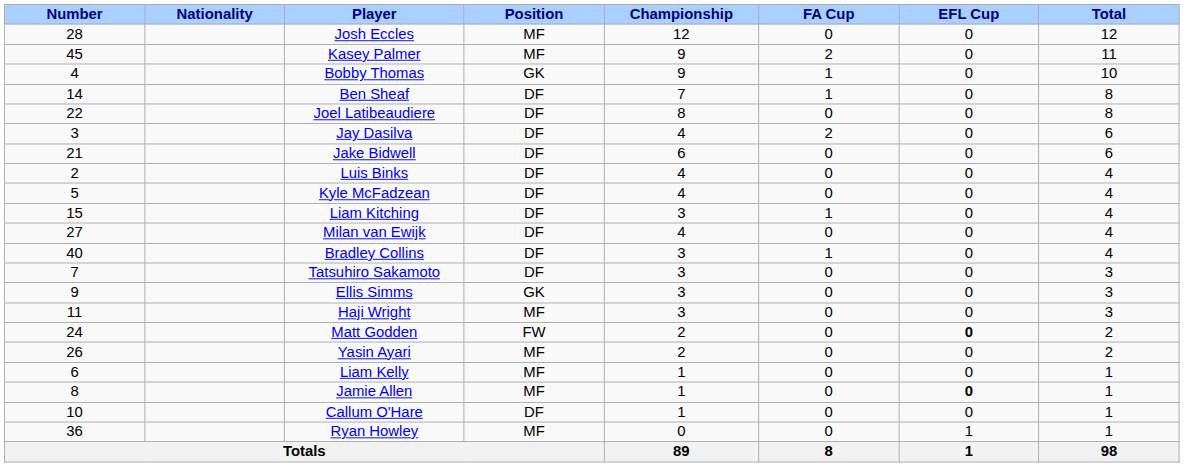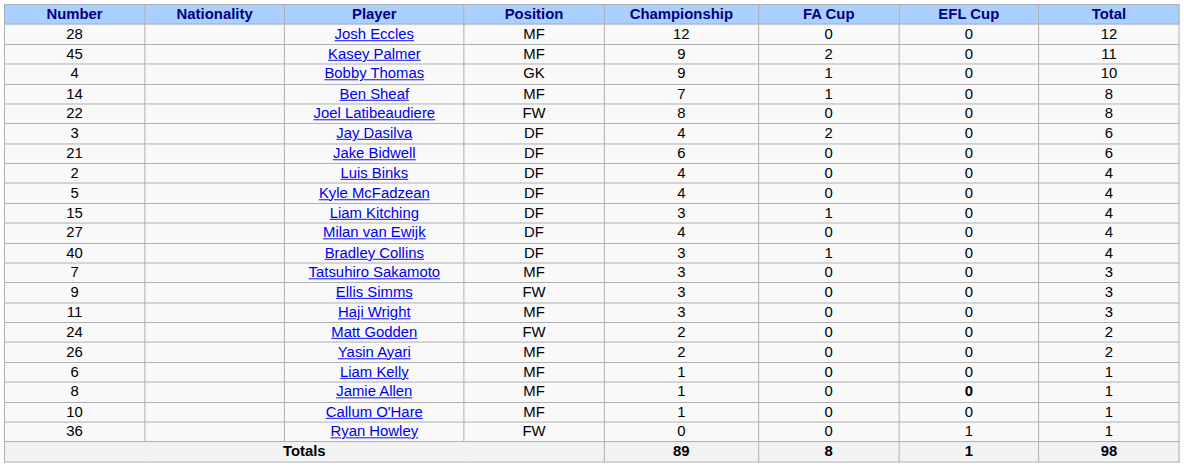 <table class="wikitable sortable alternance" style="font-size:100%; text-align:center; line-height:14px; width:100%;">
 <tr>
 <th style="background:#AAD0FF; color:#000080; width:100px;">Number</th>
 <th style="background:#AAD0FF; color:#000080; width:100px;">Nationality</th>
 <th style="background:#AAD0FF; color:#000080; width:130px;">Player</th>
 <th style="background:#AAD0FF; color:#000080; width:100px;">Position</th>
 <th style="background:#AAD0FF; color:#000080; width:100px;">Championship</th>
 <th style="background:#AAD0FF; color:#000080; width:100px;">FA Cup</th>
 <th style="background:#AAD0FF; color:#000080; width:100px;">EFL Cup</th>
 <th style="background:#AAD0FF; color:#000080; width:100px;">Total</th>
 </tr>
 <tr>
 <td>28</td>
 <td></td>
 <td><a href='#'>Josh Eccles</a></td>
 <td>MF</td>
 <td>12</td>
 <td>0</td>
 <td>0</td>
 <td>12</td>
 </tr>
 <tr>
 <td>45</td>
 <td></td>
 <td><a href='#'>Kasey Palmer</a></td>
 <td>MF</td>
 <td>9</td>
 <td>2</td>
 <td>0</td>
 <td>11</td>
 </tr>
 <tr>
 <td>4</td>
 <td></td>
 <td><a href='#'>Bobby Thomas</a></td>
 <td>GK</td>
 <td>9</td>
 <td>1</td>
 <td>0</td>
 <td>10</td>
 </tr>
 <tr>
 <td>14</td>
 <td></td>
 <td><a href='#'>Ben Sheaf</a></td>
-<td>DF</td>
+<td>MF</td>
 <td>7</td>
 <td>1</td>
 <td>0</td>
 <td>8</td>
 </tr>
 <tr>
 <td>22</td>
 <td></td>
 <td><a href='#'>Joel Latibeaudiere</a></td>
-<td>DF</td>
+<td>FW</td>
 <td>8</td>
 <td>0</td>
 <td>0</td>
 <td>8</td>
 </tr>
 <tr>
 <td>3</td>
 <td></td>
 <td><a href='#'>Jay Dasilva</a></td>
 <td>DF</td>
 <td>4</td>
 <td>2</td>
 <td>0</td>
 <td>6</td>
 </tr>
 <tr>
 <td>21</td>
 <td></td>
 <td><a href='#'>Jake Bidwell</a></td>
 <td>DF</td>
 <td>6</td>
 <td>0</td>
 <td>0</td>
 <td>6</td>
 </tr>
 <tr>
 <td>2</td>
 <td></td>
 <td><a href='#'>Luis Binks</a></td>
 <td>DF</td>
 <td>4</td>
 <td>0</td>
 <td>0</td>
 <td>4</td>
 </tr>
 <tr>
 <td>5</td>
 <td></td>
 <td><a href='#'>Kyle McFadzean</a></td>
 <td>DF</td>
 <td>4</td>
 <td>0</td>
 <td>0</td>
 <td>4</td>
 </tr>
 <tr>
 <td>15</td>
 <td></td>
 <td><a href='#'>Liam Kitching</a></td>
 <td>DF</td>
 <td>3</td>
 <td>1</td>
 <td>0</td>
 <td>4</td>
 </tr>
 <tr>
 <td>27</td>
 <td></td>
 <td><a href='#'>Milan van Ewijk</a></td>
 <td>DF</td>
 <td>4</td>
 <td>0</td>
 <td>0</td>
 <td>4</td>
 </tr>
 <tr>
 <td>40</td>
 <td></td>
 <td><a href='#'>Bradley Collins</a></td>
 <td>DF</td>
 <td>3</td>
 <td>1</td>
 <td>0</td>
 <td>4</td>
 </tr>
 <tr>
 <td>7</td>
 <td></td>
 <td><a href='#'>Tatsuhiro Sakamoto</a></td>
-<td>DF</td>
+<td>MF</td>
 <td>3</td>
 <td>0</td>
 <td>0</td>
 <td>3</td>
 </tr>
 <tr>
 <td>9</td>
 <td></td>
 <td><a href='#'>Ellis Simms</a></td>
-<td>GK</td>
+<td>FW</td>
 <td>3</td>
 <td>0</td>
 <td>0</td>
 <td>3</td>
 </tr>
 <tr>
 <td>11</td>
 <td></td>
 <td><a href='#'>Haji Wright</a></td>
 <td>MF</td>
 <td>3</td>
 <td>0</td>
 <td>0</td>
 <td>3</td>
 </tr>
 <tr>
 <td>24</td>
 <td></td>
 <td><a href='#'>Matt Godden</a></td>
 <td>FW</td>
 <td>2</td>
 <td>0</td>
-<td><strong>0</strong></td>
+<td>0</td>
 <td>2</td>
 </tr>
 <tr>
 <td>26</td>
 <td></td>
 <td><a href='#'>Yasin Ayari</a></td>
 <td>MF</td>
 <td>2</td>
 <td>0</td>
 <td>0</td>
 <td>2</td>
 </tr>
 <tr>
 <td>6</td>
 <td></td>
 <td><a href='#'>Liam Kelly</a></td>
 <td>MF</td>
 <td>1</td>
 <td>0</td>
 <td>0</td>
 <td>1</td>
 </tr>
 <tr>
 <td>8</td>
 <td></td>
 <td><a href='#'>Jamie Allen</a></td>
 <td>MF</td>
 <td>1</td>
 <td>0</td>
 <td><strong>0</strong></td>
 <td>1</td>
 </tr>
 <tr>
 <td>10</td>
 <td></td>
 <td><a href='#'>Callum O'Hare</a></td>
-<td>DF</td>
+<td>MF</td>
 <td>1</td>
 <td>0</td>
 <td>0</td>
 <td>1</td>
 </tr>
 <tr>
 <td>36</td>
 <td></td>
 <td><a href='#'>Ryan Howley</a></td>
-<td>MF</td>
+<td>FW</td>
 <td>0</td>
 <td>0</td>
 <td>1</td>
 <td>1</td>
 </tr>
 <tr class="sortbottom">
 <th colspan="4">Totals</th>
 <th>89</th>
 <th>8</th>
 <th>1</th>
 <th>98</th>
 </tr>
 </table>
